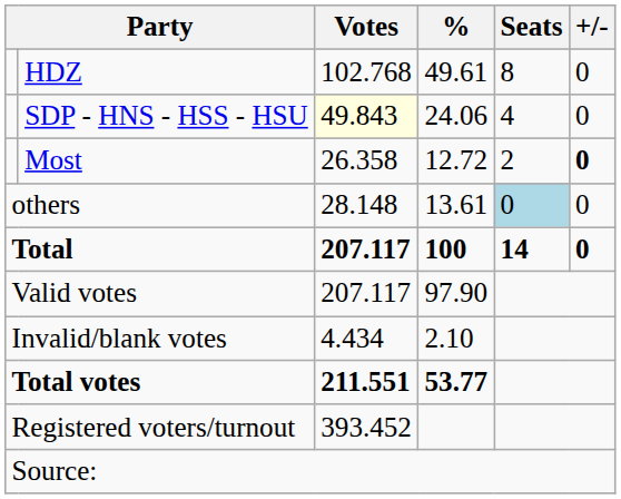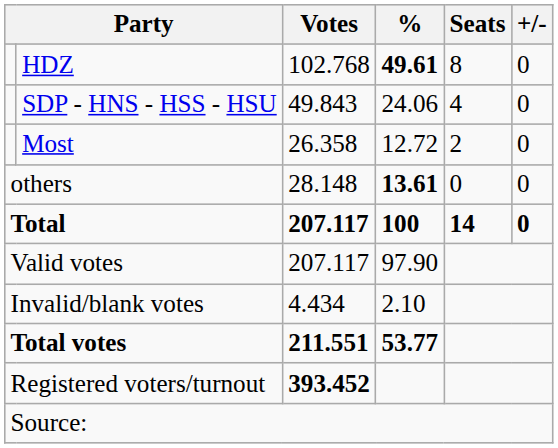 <table class="wikitable" style="text-align: left;">
 <tr>
 <th colspan="2">Party</th>
 <th>Votes</th>
 <th>%</th>
 <th>Seats</th>
 <th>+/-</th>
 </tr>
 <tr>
 <td style="background-color: "></td>
 <td><a href='#'>HDZ</a></td>
 <td>102.768</td>
-<td>49.61</td>
+<td><strong>49.61</strong></td>
 <td>8</td>
 <td>0</td>
 </tr>
 <tr>
 <td style="background-color: "></td>
 <td><a href='#'>SDP</a> - <a href='#'>HNS</a> - <a href='#'>HSS</a> - <a href='#'>HSU</a></td>
-<td style="background: lightyellow;">49.843</td>
+<td>49.843</td>
 <td>24.06</td>
 <td>4</td>
 <td>0</td>
 </tr>
 <tr>
 <td style="background-color: "></td>
 <td><a href='#'>Most</a></td>
 <td>26.358</td>
 <td>12.72</td>
 <td>2</td>
-<td><strong>0</strong></td>
+<td>0</td>
 </tr>
 <tr>
 <td colspan="2">others</td>
 <td>28.148</td>
-<td>13.61</td>
-<td style="background: lightblue;">0</td>
+<td><strong>13.61</strong></td>
+<td>0</td>
 <td>0</td>
 </tr>
 <tr>
 <td colspan="2"><strong>Total</strong></td>
 <td><strong>207.117</strong></td>
 <td><strong>100</strong></td>
 <td><strong>14</strong></td>
 <td><strong>0</strong></td>
 </tr>
 <tr>
 <td colspan="2">Valid votes</td>
 <td>207.117</td>
 <td>97.90</td>
 <td colspan="2"></td>
 </tr>
 <tr>
 <td colspan="2">Invalid/blank votes</td>
 <td>4.434</td>
 <td>2.10</td>
 <td colspan="2"></td>
 </tr>
 <tr>
 <td colspan="2"><strong>Total votes</strong></td>
 <td><strong>211.551</strong></td>
 <td><strong>53.77</strong></td>
 <td colspan="2"></td>
 </tr>
 <tr>
 <td colspan="2">Registered voters/turnout</td>
-<td votes14="5343">393.452</td>
+<td votes14="5343"><strong>393.452</strong></td>
 <td></td>
 <td colspan="2"></td>
 </tr>
 <tr>
 <td colspan="6">Source: </td>
 </tr>
 </table>
